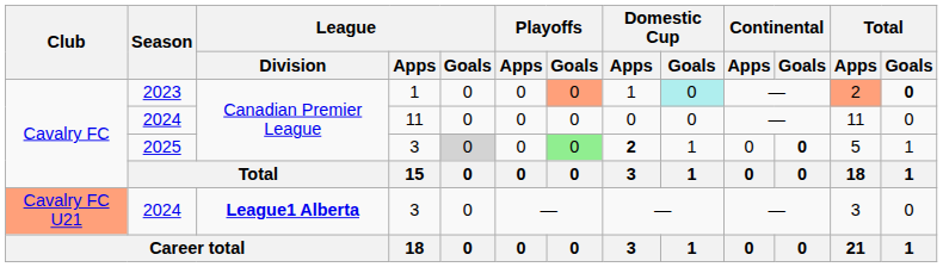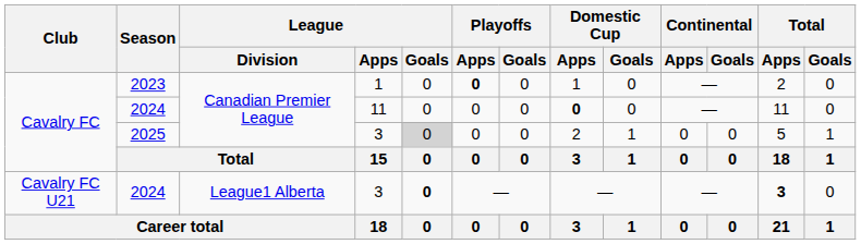 <table class="wikitable" style="text-align: center;">
 <tr>
 <th rowspan="2">Club</th>
 <th rowspan="2">Season</th>
 <th colspan="3">League</th>
 <th colspan="2">Playoffs</th>
 <th colspan="2">Domestic Cup</th>
 <th colspan="2">Continental</th>
 <th colspan="2">Total</th>
 </tr>
 <tr>
 <th>Division</th>
 <th>Apps</th>
 <th>Goals</th>
 <th>Apps</th>
 <th>Goals</th>
 <th>Apps</th>
 <th>Goals</th>
 <th>Apps</th>
 <th>Goals</th>
 <th>Apps</th>
 <th>Goals</th>
 </tr>
 <tr>
 <td rowspan="4"><a href='#'>Cavalry FC</a></td>
 <td><a href='#'>2023</a></td>
 <td rowspan="3"><a href='#'>Canadian Premier League</a></td>
 <td>1</td>
 <td>0</td>
+<td><strong>0</strong></td>
 <td>0</td>
-<td style="background: lightsalmon;">0</td>
 <td>1</td>
-<td style="background: paleturquoise;">0</td>
+<td>0</td>
 <td colspan="2">—</td>
-<td style="background: lightsalmon;">2</td>
-<td><strong>0</strong></td>
+<td>2</td>
+<td>0</td>
 </tr>
 <tr>
 <td><a href='#'>2024</a></td>
 <td>11</td>
 <td>0</td>
 <td>0</td>
 <td>0</td>
-<td>0</td>
+<td><strong>0</strong></td>
 <td>0</td>
 <td colspan="2">—</td>
 <td>11</td>
 <td>0</td>
 </tr>
 <tr>
 <td><a href='#'>2025</a></td>
 <td>3</td>
 <td style="background: lightgrey;">0</td>
 <td>0</td>
-<td style="background: lightgreen;">0</td>
-<td><strong>2</strong></td>
+<td>0</td>
+<td>2</td>
 <td>1</td>
 <td>0</td>
-<td><strong>0</strong></td>
+<td>0</td>
 <td>5</td>
 <td>1</td>
 </tr>
 <tr>
 <th colspan="2">Total</th>
 <th>15</th>
 <th>0</th>
 <th>0</th>
 <th>0</th>
 <th>3</th>
 <th>1</th>
 <th>0</th>
 <th>0</th>
 <th>18</th>
 <th>1</th>
 </tr>
 <tr>
-<td style="background: lightsalmon;"><a href='#'>Cavalry FC U21</a></td>
+<td><a href='#'>Cavalry FC U21</a></td>
 <td><a href='#'>2024</a></td>
-<td><strong><a href='#'>League1 Alberta</a></strong></td>
+<td><a href='#'>League1 Alberta</a></td>
 <td>3</td>
-<td>0</td>
+<td><strong>0</strong></td>
 <td colspan="2">—</td>
 <td colspan="2">—</td>
 <td colspan="2">—</td>
-<td>3</td>
+<td><strong>3</strong></td>
 <td>0</td>
 </tr>
 <tr>
 <th colspan="3">Career total</th>
 <th>18</th>
 <th>0</th>
 <th>0</th>
 <th>0</th>
 <th>3</th>
 <th>1</th>
 <th>0</th>
 <th>0</th>
 <th>21</th>
 <th>1</th>
 </tr>
 </table>
